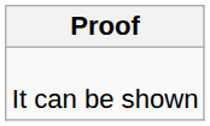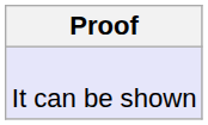 <table class="wikitable collapsible collapsed">
 <tr>
 <th>Proof</th>
 </tr>
 <tr>
-<td><br>It can be shown</td>
+<td style="background: lavender;"><br>It can be shown</td>
 </tr>
 </table>
